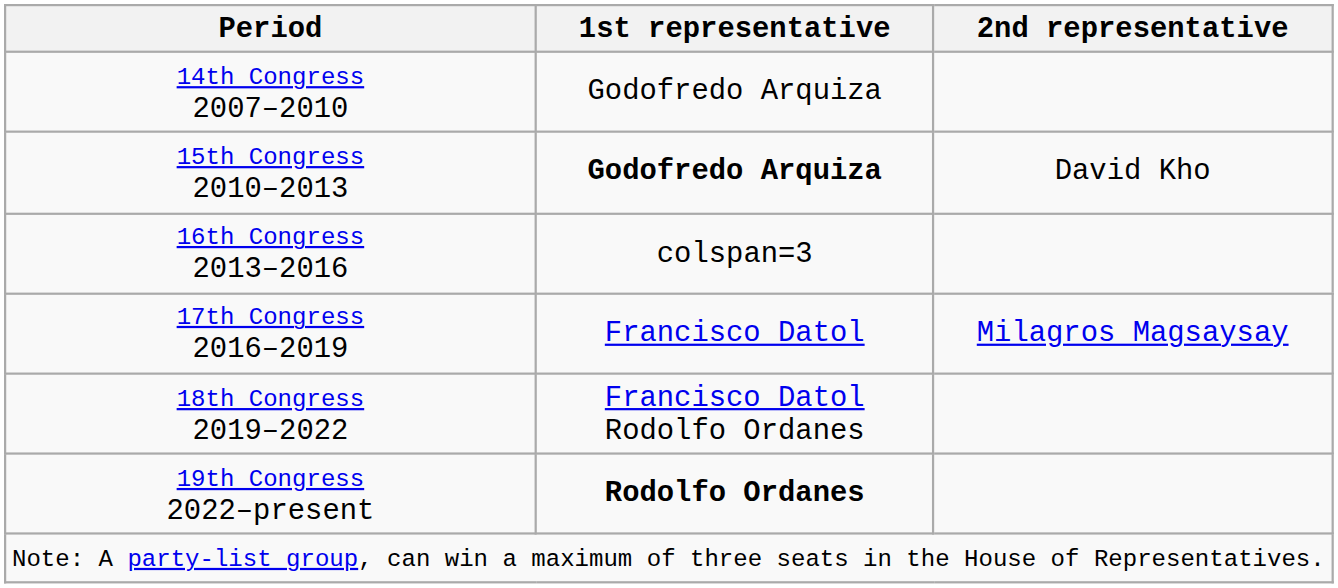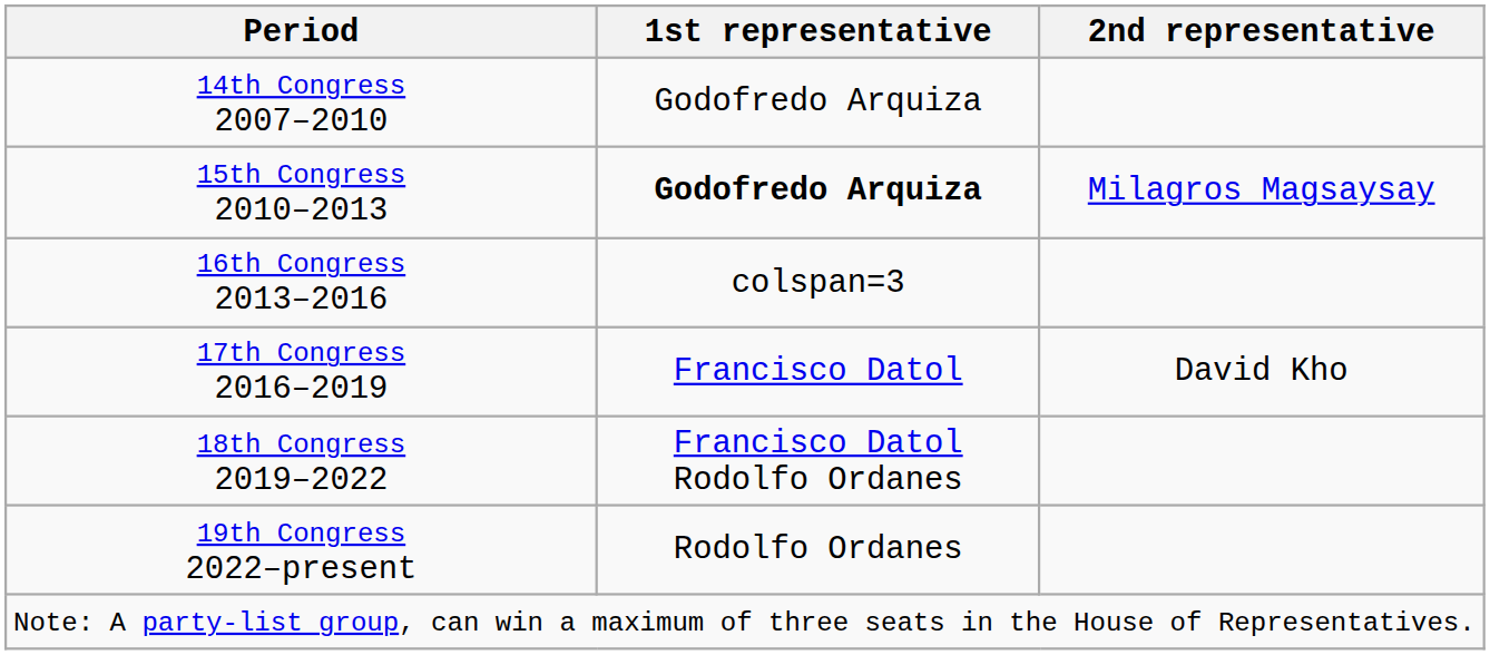 <table class="wikitable"; style="text-align:center">
 <tr>
 <th>Period</th>
 <th width=30%>1st representative</th>
 <th width=30%>2nd representative</th>
 </tr>
 <tr>
 <td><small><a href='#'>14th Congress</a></small><br>2007–2010</td>
 <td>Godofredo Arquiza</td>
 <td></td>
 </tr>
 <tr>
 <td><small><a href='#'>15th Congress</a></small><br>2010–2013</td>
 <td><strong>Godofredo Arquiza</strong></td>
-<td>David Kho</td>
+<td><a href='#'>Milagros Magsaysay</a></td>
 </tr>
 <tr>
 <td><small><a href='#'>16th Congress</a></small><br>2013–2016</td>
 <td>colspan=3</td>
 </tr>
 <tr>
 <td><small><a href='#'>17th Congress</a></small><br>2016–2019</td>
 <td><a href='#'>Francisco Datol</a></td>
-<td><a href='#'>Milagros Magsaysay</a></td>
+<td>David Kho</td>
 </tr>
 <tr>
 <td><small><a href='#'>18th Congress</a></small><br>2019–2022</td>
 <td><a href='#'>Francisco Datol</a><br>Rodolfo Ordanes</td>
 <td></td>
 </tr>
 <tr>
 <td><small><a href='#'>19th Congress</a></small><br>2022–present</td>
-<td><strong>Rodolfo Ordanes</strong></td>
+<td>Rodolfo Ordanes</td>
 <td></td>
 </tr>
 <tr>
 <td colspan=3><small>Note: A <a href='#'>party-list group</a>, can win a maximum of three seats in the House of Representatives.</small></td>
 </tr>
 </table>
